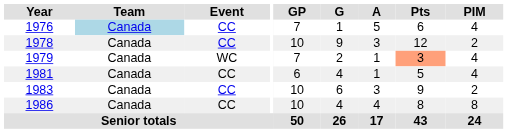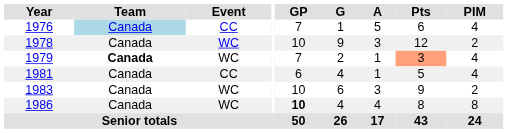 <table border="0" cellpadding="1" cellspacing="0" ID="Table3" style="text-align:center; width:40em;">
 <tr bgcolor="#e0e0e0">
 <th>Year</th>
 <th>Team</th>
 <th>Event</th>
 <th rowspan="102" bgcolor="#ffffff"></th>
 <th>GP</th>
 <th>G</th>
 <th>A</th>
 <th>Pts</th>
 <th>PIM</th>
 </tr>
 <tr>
 <td><a href='#'>1976</a></td>
 <td style="background: lightblue;"><a href='#'>Canada</a></td>
 <td><a href='#'>CC</a></td>
 <td>7</td>
 <td>1</td>
 <td>5</td>
 <td>6</td>
 <td>4</td>
 </tr>
 <tr bgcolor="#f0f0f0">
 <td><a href='#'>1978</a></td>
 <td>Canada</td>
-<td><a href='#'>CC</a></td>
+<td><a href='#'>WC</a></td>
 <td>10</td>
 <td>9</td>
 <td>3</td>
 <td>12</td>
 <td>2</td>
 </tr>
 <tr>
 <td><a href='#'>1979</a></td>
-<td>Canada</td>
+<td><strong>Canada</strong></td>
 <td>WC</td>
 <td>7</td>
 <td>2</td>
 <td>1</td>
 <td style="background: lightsalmon;">3</td>
 <td>4</td>
 </tr>
 <tr bgcolor="#f0f0f0">
 <td><a href='#'>1981</a></td>
 <td>Canada</td>
 <td>CC</td>
 <td>6</td>
 <td>4</td>
 <td>1</td>
 <td>5</td>
 <td>4</td>
 </tr>
 <tr>
 <td><a href='#'>1983</a></td>
 <td>Canada</td>
-<td><a href='#'>CC</a></td>
+<td>WC</td>
 <td>10</td>
 <td>6</td>
 <td>3</td>
 <td>9</td>
 <td>2</td>
 </tr>
 <tr bgcolor="#f0f0f0">
 <td><a href='#'>1986</a></td>
 <td>Canada</td>
-<td>CC</td>
-<td>10</td>
+<td>WC</td>
+<td><strong>10</strong></td>
 <td>4</td>
 <td>4</td>
 <td>8</td>
 <td>8</td>
 </tr>
 <tr bgcolor="#e0e0e0">
 <th colspan="4">Senior totals</th>
 <th>50</th>
 <th>26</th>
 <th>17</th>
 <th>43</th>
 <th>24</th>
 </tr>
 </table>
